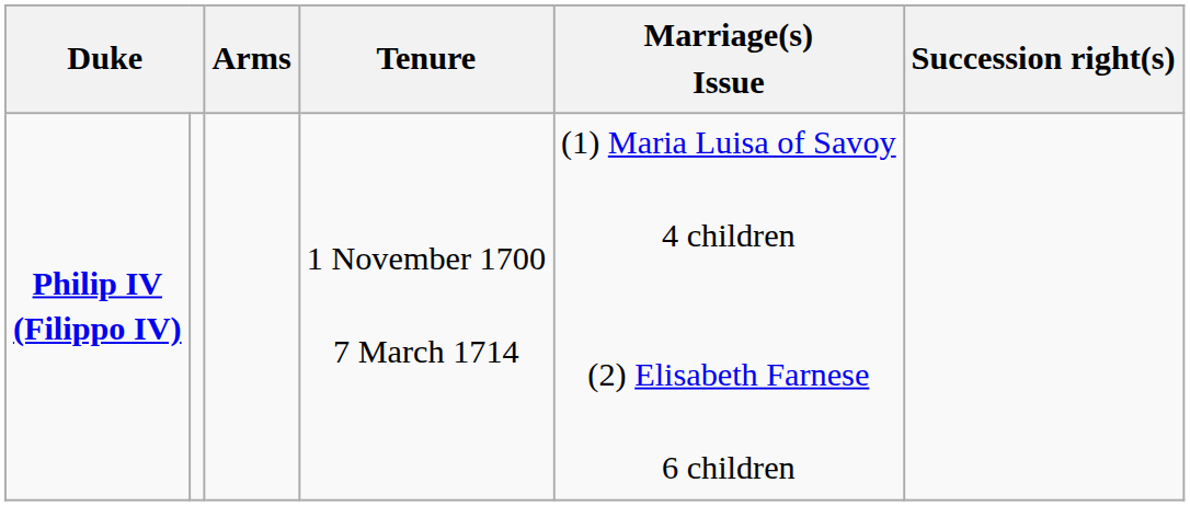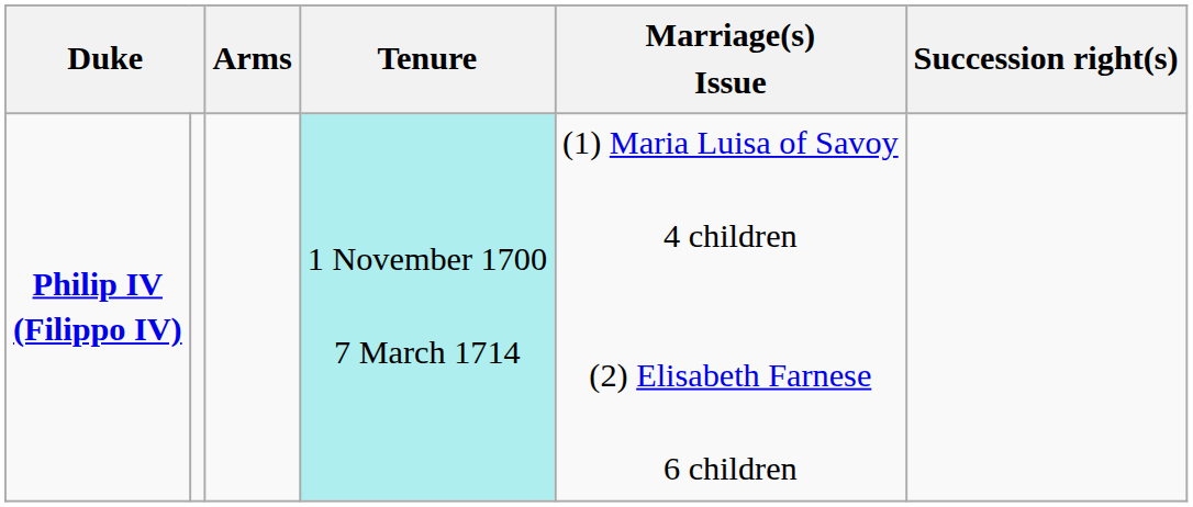 <table class="wikitable" style="line-height:1.4em; text-align:center">
 <tr>
 <th colspan=2>Duke</th>
 <th>Arms</th>
 <th>Tenure</th>
 <th>Marriage(s)<br>Issue</th>
 <th>Succession right(s)</th>
 </tr>
 <tr>
 <td><strong><a href='#'>Philip IV<br><span><span>(Filippo IV)</span></span></a></strong><br></td>
 <td></td>
 <td></td>
-<td>1 November 1700<br><br>7 March 1714</td>
+<td style="background: paleturquoise;">1 November 1700<br><br>7 March 1714</td>
 <td>(1) <a href='#'>Maria Luisa of Savoy</a><br><br>4 children<br><br><br>(2) <a href='#'>Elisabeth Farnese</a><br><br>6 children</td>
 <td></td>
 </tr>
 </table>
